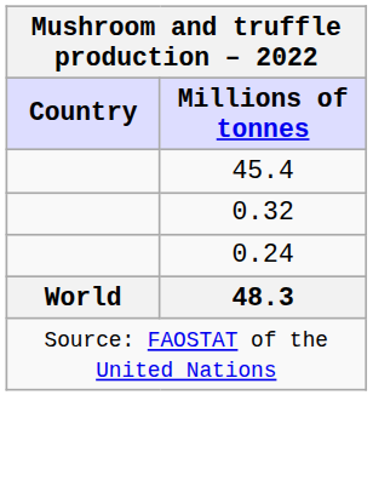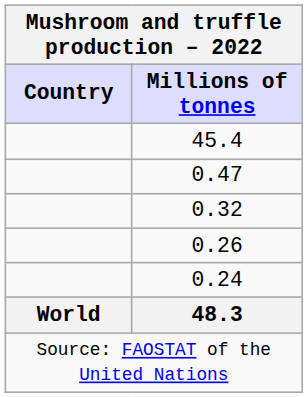 <table class="wikitable" style="float:right; clear:right; width:14em; text-align:center; margin-right:1em;">
 <tr>
 <th colspan=2>Mushroom and truffle<br> production – 2022</th>
 </tr>
 <tr>
 <th style="background:#ddf;">Country</th>
 <th style="background:#ddf;">Millions of<br> <a href='#'>tonnes</a></th>
 </tr>
 <tr>
 <td></td>
 <td>45.4</td>
 </tr>
 <tr>
 <td></td>
+<td>0.47</td>
+</tr>
+<tr>
+<td></td>
 <td>0.32</td>
+</tr>
+<tr>
+<td></td>
+<td>0.26</td>
 </tr>
 <tr>
 <td></td>
 <td>0.24</td>
 </tr>
 <tr>
 <th>World</th>
 <th>48.3</th>
 </tr>
 <tr>
 <td colspan=2><small>Source: <a href='#'>FAOSTAT</a> of the <a href='#'>United Nations</a></small></td>
 </tr>
 </table>
